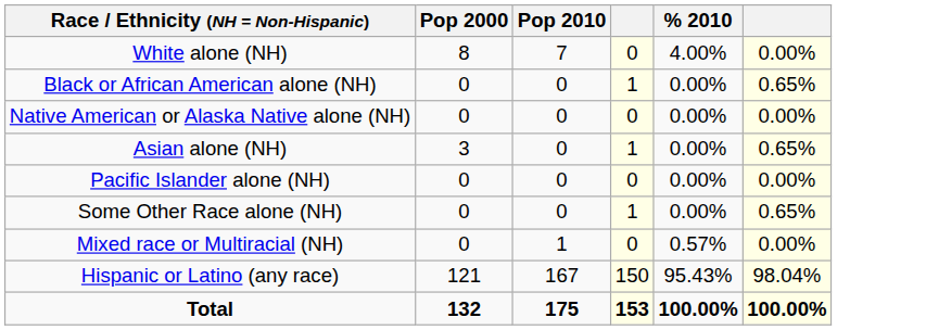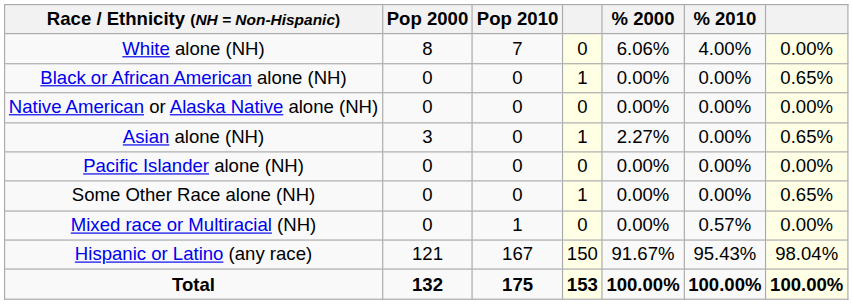 <table class="wikitable" style="text-align:center;">
 <tr>
 <th>Race / Ethnicity <small>(<em>NH = Non-Hispanic</em>)</small></th>
 <th>Pop 2000</th>
 <th>Pop 2010</th>
 <th></th>
+<th>% 2000</th>
 <th>% 2010</th>
 <th></th>
 </tr>
 <tr>
 <td><a href='#'>White</a> alone (NH)</td>
 <td>8</td>
 <td>7</td>
 <td style='background: #ffffe6;'>0</td>
+<td>6.06%</td>
 <td>4.00%</td>
 <td style='background: #ffffe6;'>0.00%</td>
 </tr>
 <tr>
 <td><a href='#'>Black or African American</a> alone (NH)</td>
 <td>0</td>
 <td>0</td>
 <td style='background: #ffffe6;'>1</td>
 <td>0.00%</td>
+<td>0.00%</td>
 <td style='background: #ffffe6;'>0.65%</td>
 </tr>
 <tr>
 <td><a href='#'>Native American</a> or <a href='#'>Alaska Native</a> alone (NH)</td>
 <td>0</td>
 <td>0</td>
 <td style='background: #ffffe6;'>0</td>
 <td>0.00%</td>
+<td>0.00%</td>
 <td style='background: #ffffe6;'>0.00%</td>
 </tr>
 <tr>
 <td><a href='#'>Asian</a> alone (NH)</td>
 <td>3</td>
 <td>0</td>
 <td style='background: #ffffe6;'>1</td>
+<td>2.27%</td>
 <td>0.00%</td>
 <td style='background: #ffffe6;'>0.65%</td>
 </tr>
 <tr>
 <td><a href='#'>Pacific Islander</a> alone (NH)</td>
 <td>0</td>
 <td>0</td>
 <td style='background: #ffffe6;'>0</td>
 <td>0.00%</td>
+<td>0.00%</td>
 <td style='background: #ffffe6;'>0.00%</td>
 </tr>
 <tr>
 <td>Some Other Race alone (NH)</td>
 <td>0</td>
 <td>0</td>
 <td style='background: #ffffe6;'>1</td>
 <td>0.00%</td>
+<td>0.00%</td>
 <td style='background: #ffffe6;'>0.65%</td>
 </tr>
 <tr>
 <td><a href='#'>Mixed race or Multiracial</a> (NH)</td>
 <td>0</td>
 <td>1</td>
 <td style='background: #ffffe6;'>0</td>
+<td>0.00%</td>
 <td>0.57%</td>
 <td style='background: #ffffe6;'>0.00%</td>
 </tr>
 <tr>
 <td><a href='#'>Hispanic or Latino</a> (any race)</td>
 <td>121</td>
 <td>167</td>
 <td style='background: #ffffe6;'>150</td>
+<td>91.67%</td>
 <td>95.43%</td>
 <td style='background: #ffffe6;'>98.04%</td>
 </tr>
 <tr>
 <td><strong>Total</strong></td>
 <td><strong>132</strong></td>
 <td><strong>175</strong></td>
 <td style='background: #ffffe6;'><strong>153</strong></td>
 <td><strong>100.00%</strong></td>
+<td><strong>100.00%</strong></td>
 <td style='background: #ffffe6;'><strong>100.00%</strong></td>
 </tr>
 </table>
